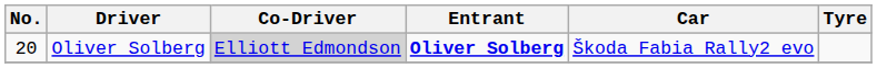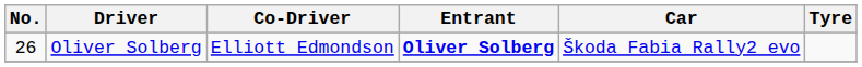 <table class="wikitable" style="font-size: 85%;">
 <tr>
 <th>No.</th>
 <th>Driver</th>
 <th>Co-Driver</th>
 <th>Entrant</th>
 <th>Car</th>
 <th>Tyre</th>
 </tr>
 <tr>
-<td align="center">20</td>
+<td align="center">26</td>
 <td> <a href='#'>Oliver Solberg</a></td>
-<td style="background: lightgrey;"> <a href='#'>Elliott Edmondson</a></td>
+<td> <a href='#'>Elliott Edmondson</a></td>
 <td><strong> <a href='#'>Oliver Solberg</a></strong></td>
 <td><a href='#'>Škoda Fabia Rally2 evo</a></td>
 <td align="center"></td>
 </tr>
 <tr>
 </tr>
 </table>
